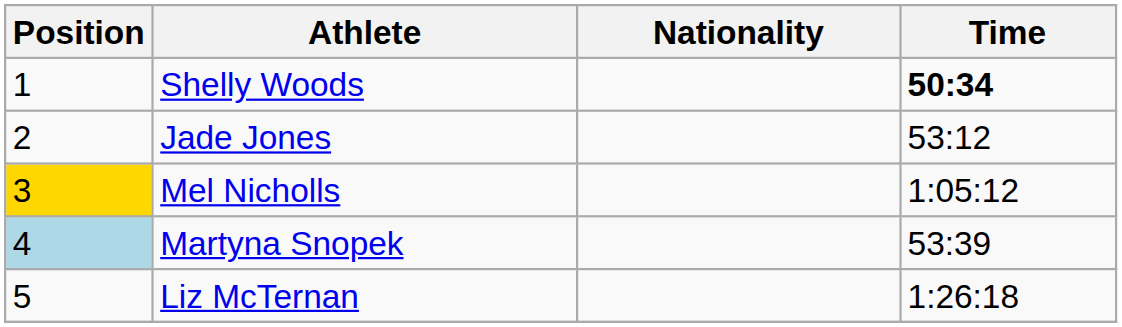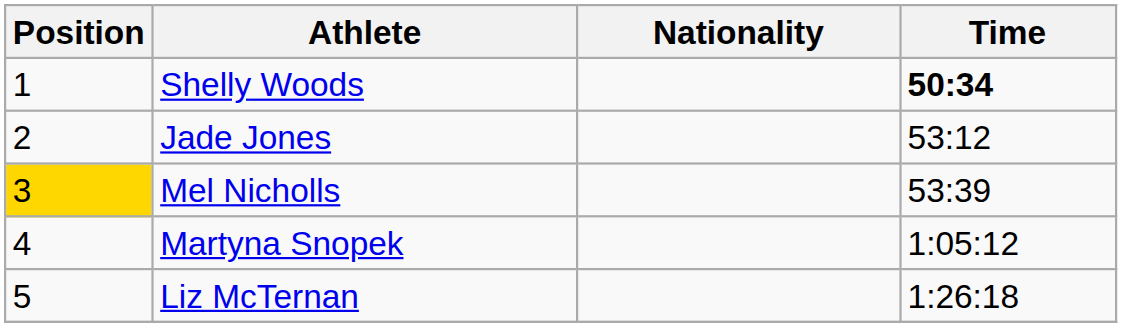 <table class="wikitable sortable" border="1"  style="font-size:95%;" width=40%>
 <tr>
 <th width="10%">Position</th>
 <th width="40%">Athlete</th>
 <th width="30%">Nationality</th>
 <th width="20%">Time</th>
 </tr>
 <tr>
 <td>1</td>
 <td><a href='#'>Shelly Woods</a></td>
 <td></td>
 <td><strong>50:34</strong></td>
 </tr>
 <tr>
 <td>2</td>
 <td><a href='#'>Jade Jones</a></td>
 <td></td>
 <td>53:12</td>
 </tr>
 <tr>
 <td style="background: gold;">3</td>
 <td><a href='#'>Mel Nicholls</a></td>
 <td></td>
-<td>1:05:12</td>
+<td>53:39</td>
 </tr>
 <tr>
-<td style="background: lightblue;">4</td>
+<td>4</td>
 <td><a href='#'>Martyna Snopek</a></td>
 <td></td>
-<td>53:39</td>
+<td>1:05:12</td>
 </tr>
 <tr>
 <td>5</td>
 <td><a href='#'>Liz McTernan</a></td>
 <td></td>
 <td>1:26:18</td>
 </tr>
 <tr>
 </tr>
 </table>
